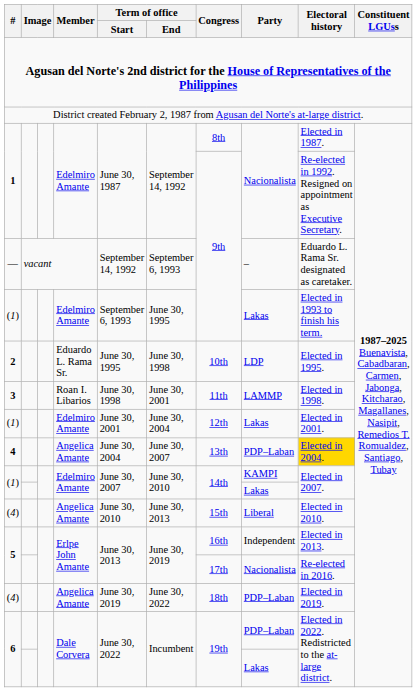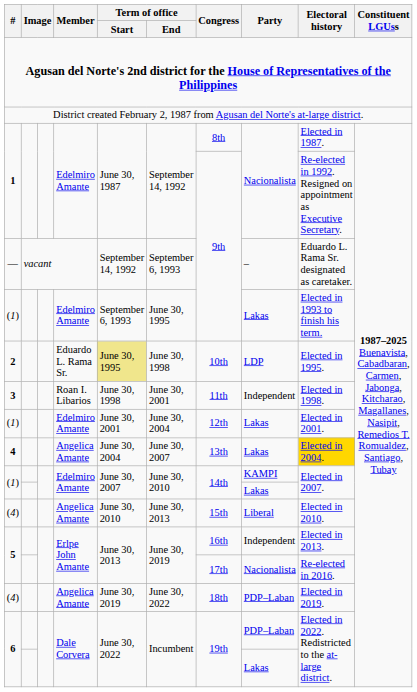 <table class=wikitable>
 <tr>
 <th rowspan="2">#</th>
 <th rowspan="2" colspan=2>Image</th>
 <th rowspan="2">Member</th>
 <th colspan=2>Term of office</th>
 <th rowspan="2">Congress</th>
 <th rowspan="2">Party</th>
 <th rowspan="2">Electoral history</th>
 <th rowspan="2">Constituent<br><a href='#'>LGUs</a>s</th>
 </tr>
 <tr>
 <th>Start</th>
 <th>End</th>
 </tr>
 <tr>
 <td colspan="10" style="text-align:center;"><br><h3>Agusan del Norte's 2nd district for the <a href='#'>House of Representatives of the Philippines</a></h3></td>
 </tr>
 <tr>
 <td colspan="10" style="text-align:center;">District created February 2, 1987 from <a href='#'>Agusan del Norte's at-large district</a>.</td>
 </tr>
 <tr>
 <td rowspan="2" style="text-align:center;"><strong>1</strong></td>
 <td rowspan="2" style="color:inherit;background:"></td>
 <td rowspan="2"></td>
 <td rowspan="2"><a href='#'>Edelmiro Amante</a></td>
 <td rowspan="2">June 30, 1987</td>
 <td rowspan="2">September 14, 1992</td>
 <td style="text-align:center;"><a href='#'>8th</a></td>
 <td rowspan="2"><a href='#'>Nacionalista</a></td>
 <td><a href='#'>Elected in 1987</a>.</td>
 <td rowspan=99 style="text-align:center;"><strong>1987–2025</strong><br><a href='#'>Buenavista</a>, <a href='#'>Cabadbaran</a>, <a href='#'>Carmen</a>, <a href='#'>Jabonga</a>, <a href='#'>Kitcharao</a>, <a href='#'>Magallanes</a>, <a href='#'>Nasipit</a>, <a href='#'>Remedios T. Romualdez</a>, <a href='#'>Santiago</a>, <a href='#'>Tubay</a></td>
 </tr>
 <tr>
 <td rowspan="3" style="text-align:center;"><a href='#'>9th</a></td>
 <td><a href='#'>Re-elected in 1992</a>.<br>Resigned on appointment as <a href='#'>Executive Secretary</a>.</td>
 </tr>
 <tr>
 <td style="text-align:center;">—</td>
 <td colspan="3"><em>vacant</em></td>
 <td>September 14, 1992</td>
 <td>September 6, 1993</td>
 <td>–</td>
 <td>Eduardo L. Rama Sr. designated as caretaker.</td>
 </tr>
 <tr>
 <td style="text-align:center;">(<em>1</em>)</td>
 <td style="color:inherit;background:"></td>
 <td></td>
 <td><a href='#'>Edelmiro Amante</a></td>
 <td>September 6, 1993</td>
 <td>June 30, 1995</td>
 <td><a href='#'>Lakas</a></td>
 <td><a href='#'>Elected in 1993 to finish his term.</a></td>
 </tr>
 <tr>
 <td style="text-align:center;"><strong>2</strong></td>
 <td style="color:inherit;background:"></td>
 <td></td>
 <td>Eduardo L. Rama Sr.</td>
-<td>June 30, 1995</td>
+<td style="background: khaki;">June 30, 1995</td>
 <td>June 30, 1998</td>
 <td style="text-align:center;"><a href='#'>10th</a></td>
 <td><a href='#'>LDP</a></td>
 <td><a href='#'>Elected in 1995</a>.</td>
 </tr>
 <tr>
 <td style="text-align:center;"><strong>3</strong></td>
 <td style="color:inherit;background:"></td>
 <td></td>
 <td>Roan I. Libarios</td>
 <td>June 30, 1998</td>
 <td>June 30, 2001</td>
 <td style="text-align:center;"><a href='#'>11th</a></td>
-<td><a href='#'>LAMMP</a></td>
+<td>Independent</td>
 <td><a href='#'>Elected in 1998</a>.</td>
 </tr>
 <tr>
 <td style="text-align:center;">(<em>1</em>)</td>
 <td style="color:inherit;background:"></td>
 <td></td>
 <td><a href='#'>Edelmiro Amante</a></td>
 <td>June 30, 2001</td>
 <td>June 30, 2004</td>
 <td style="text-align:center;"><a href='#'>12th</a></td>
 <td><a href='#'>Lakas</a></td>
 <td><a href='#'>Elected in 2001</a>.</td>
 </tr>
 <tr>
 <td style="text-align:center;"><strong>4</strong></td>
 <td style="color:inherit;background:"></td>
 <td></td>
 <td><a href='#'>Angelica Amante</a></td>
 <td>June 30, 2004</td>
 <td>June 30, 2007</td>
 <td style="text-align:center;"><a href='#'>13th</a></td>
-<td><a href='#'>PDP–Laban</a></td>
+<td><a href='#'>Lakas</a></td>
 <td style="background: gold;"><a href='#'>Elected in 2004</a>.</td>
 </tr>
 <tr>
 <td style="text-align:center;" rowspan="2">(<em>1</em>)</td>
 <td style="color:inherit;background:"></td>
 <td rowspan="2"></td>
 <td rowspan="2"><a href='#'>Edelmiro Amante</a></td>
 <td rowspan="2">June 30, 2007</td>
 <td rowspan="2">June 30, 2010</td>
 <td style="text-align:center;" rowspan="2"><a href='#'>14th</a></td>
 <td><a href='#'>KAMPI</a></td>
 <td rowspan="2"><a href='#'>Elected in 2007</a>.</td>
 </tr>
 <tr>
 <td style="color:inherit;background:"></td>
 <td><a href='#'>Lakas</a></td>
 </tr>
 <tr>
 <td style="text-align:center;">(<em>4</em>)</td>
 <td style="color:inherit;background:"></td>
 <td></td>
 <td><a href='#'>Angelica Amante</a></td>
 <td>June 30, 2010</td>
 <td>June 30, 2013</td>
 <td style="text-align:center;"><a href='#'>15th</a></td>
 <td><a href='#'>Liberal</a></td>
 <td><a href='#'>Elected in 2010</a>.</td>
 </tr>
 <tr>
 <td rowspan="2" style="text-align:center;"><strong>5</strong></td>
 <td style="color:inherit;background:"></td>
 <td rowspan="2"></td>
 <td rowspan="2"><a href='#'>Erlpe John Amante</a></td>
 <td rowspan="2">June 30, 2013</td>
 <td rowspan="2">June 30, 2019</td>
 <td style="text-align:center;"><a href='#'>16th</a></td>
 <td>Independent</td>
 <td><a href='#'>Elected in 2013</a>.</td>
 </tr>
 <tr>
 <td style="color:inherit;background:"></td>
 <td style="text-align:center;"><a href='#'>17th</a></td>
 <td><a href='#'>Nacionalista</a></td>
 <td><a href='#'>Re-elected in 2016</a>.</td>
 </tr>
 <tr>
 <td style="text-align:center;">(<em>4</em>)</td>
 <td style="color:inherit;background:"></td>
 <td></td>
 <td><a href='#'>Angelica Amante</a></td>
 <td>June 30, 2019</td>
 <td>June 30, 2022</td>
 <td style="text-align:center;"><a href='#'>18th</a></td>
 <td><a href='#'>PDP–Laban</a></td>
 <td><a href='#'>Elected in 2019</a>.</td>
 </tr>
 <tr>
 <td style="text-align:center;" rowspan="2"><strong>6</strong></td>
 <td style="color:inherit;background:"></td>
 <td rowspan="2"></td>
 <td rowspan="2"><a href='#'>Dale Corvera</a></td>
 <td rowspan="2">June 30, 2022</td>
 <td rowspan="2">Incumbent</td>
 <td style="text-align:center;" rowspan="2"><a href='#'>19th</a></td>
 <td><a href='#'>PDP–Laban</a></td>
 <td rowspan="2"><a href='#'>Elected in 2022</a>. Redistricted to the <a href='#'>at-large district</a>.</td>
 </tr>
 <tr>
 <td style="color:inherit;background:"></td>
 <td><a href='#'>Lakas</a></td>
 </tr>
 </table>
